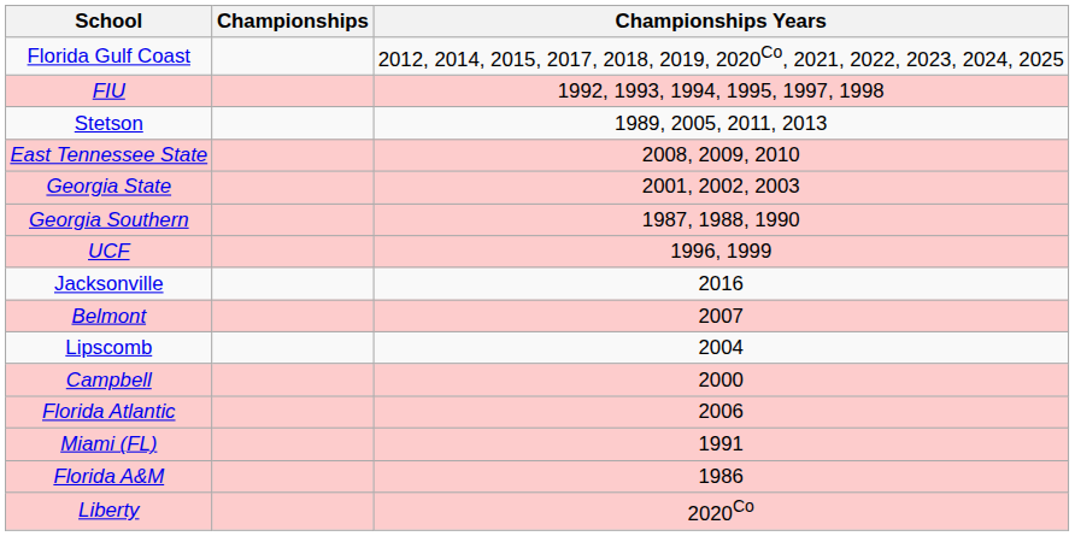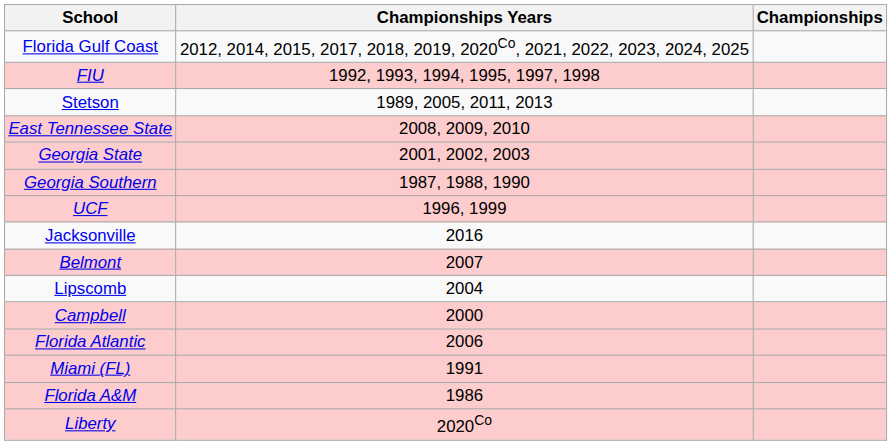 <table class="wikitable sortable" style="text-align:center">
 <tr>
 <th width=px>School</th>
+<th width=px>Championships Years</th>
 <th width=px>Championships</th>
-<th width=px>Championships Years</th>
 </tr>
 <tr>
 <td><a href='#'>Florida Gulf Coast</a></td>
+<td>2012, 2014, 2015, 2017, 2018, 2019, 2020<sup>Co</sup>, 2021, 2022, 2023, 2024, 2025</td>
 <td></td>
-<td>2012, 2014, 2015, 2017, 2018, 2019, 2020<sup>Co</sup>, 2021, 2022, 2023, 2024, 2025</td>
 </tr>
 <tr bgcolor=#fdcccc>
 <td><em><a href='#'>FIU</a></em></td>
+<td>1992, 1993, 1994, 1995, 1997, 1998</td>
 <td></td>
-<td>1992, 1993, 1994, 1995, 1997, 1998</td>
 </tr>
 <tr>
 <td><a href='#'>Stetson</a></td>
+<td>1989, 2005, 2011, 2013</td>
 <td></td>
-<td>1989, 2005, 2011, 2013</td>
 </tr>
 <tr bgcolor=#fdcccc>
 <td><em><a href='#'>East Tennessee State</a></em></td>
+<td>2008, 2009, 2010</td>
 <td></td>
-<td>2008, 2009, 2010</td>
 </tr>
 <tr bgcolor=#fdcccc>
 <td><em><a href='#'>Georgia State</a></em></td>
+<td>2001, 2002, 2003</td>
 <td></td>
-<td>2001, 2002, 2003</td>
 </tr>
 <tr bgcolor=#fdcccc>
 <td><em><a href='#'>Georgia Southern</a></em></td>
+<td>1987, 1988, 1990</td>
 <td></td>
-<td>1987, 1988, 1990</td>
 </tr>
 <tr bgcolor=#fdcccc>
 <td><em><a href='#'>UCF</a></em></td>
+<td>1996, 1999</td>
 <td></td>
-<td>1996, 1999</td>
 </tr>
 <tr>
 <td><a href='#'>Jacksonville</a></td>
+<td>2016</td>
 <td></td>
-<td>2016</td>
 </tr>
 <tr bgcolor=#fdcccc>
 <td><em><a href='#'>Belmont</a></em></td>
+<td>2007</td>
 <td></td>
-<td>2007</td>
 </tr>
 <tr>
 <td><a href='#'>Lipscomb</a></td>
+<td>2004</td>
 <td></td>
-<td>2004</td>
 </tr>
 <tr bgcolor=#fdcccc>
 <td><em><a href='#'>Campbell</a></em></td>
+<td>2000</td>
 <td></td>
-<td>2000</td>
 </tr>
 <tr bgcolor=#fdcccc>
 <td><em><a href='#'>Florida Atlantic</a></em></td>
+<td>2006</td>
 <td></td>
-<td>2006</td>
 </tr>
 <tr bgcolor=#fdcccc>
 <td><em><a href='#'>Miami (FL)</a></em></td>
+<td>1991</td>
 <td></td>
-<td>1991</td>
 </tr>
 <tr bgcolor=#fdcccc>
 <td><em><a href='#'>Florida A&M</a></em></td>
+<td>1986</td>
 <td></td>
-<td>1986</td>
 </tr>
 <tr bgcolor=#fdcccc>
 <td><em><a href='#'>Liberty</a></em></td>
+<td>2020<sup>Co</sup></td>
 <td></td>
-<td>2020<sup>Co</sup></td>
 </tr>
 </table>
